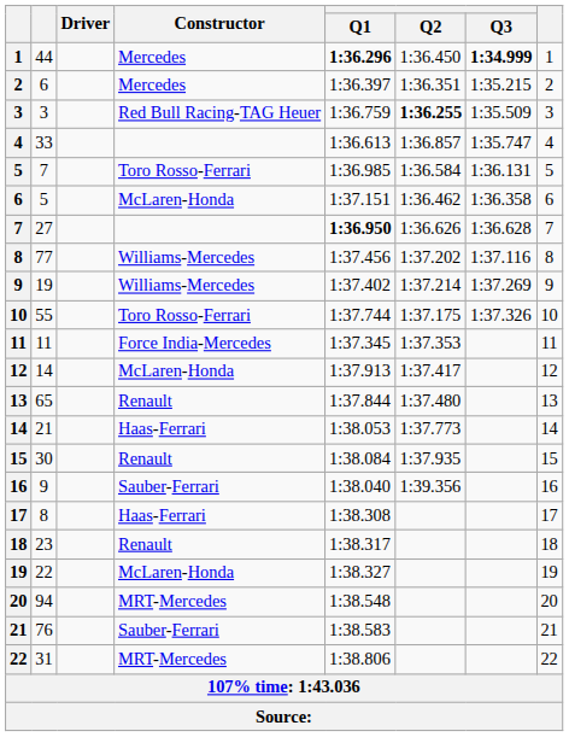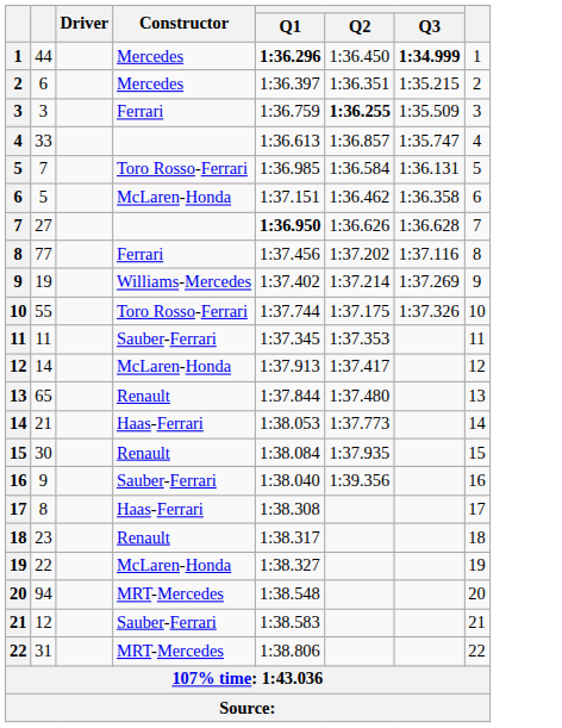 <table class="wikitable sortable" style="font-size: 85%;">
 <tr>
 <th rowspan="2"></th>
 <th rowspan="2"></th>
 <th rowspan="2">Driver</th>
 <th rowspan="2">Constructor</th>
 <th colspan="3"></th>
 <th rowspan="2"></th>
 </tr>
 <tr>
 <th>Q1</th>
 <th>Q2</th>
 <th>Q3</th>
 </tr>
 <tr>
 <th>1</th>
 <td align="center">44</td>
 <td></td>
 <td><a href='#'>Mercedes</a></td>
 <td><strong>1:36.296</strong></td>
 <td>1:36.450</td>
 <td><strong>1:34.999</strong></td>
 <td align="center">1</td>
 </tr>
 <tr>
 <th>2</th>
 <td align="center">6</td>
 <td></td>
 <td><a href='#'>Mercedes</a></td>
 <td>1:36.397</td>
 <td>1:36.351</td>
 <td>1:35.215</td>
 <td align="center">2</td>
 </tr>
 <tr>
 <th>3</th>
 <td align="center">3</td>
 <td></td>
-<td><a href='#'>Red Bull Racing</a>-<a href='#'>TAG Heuer</a></td>
+<td><a href='#'>Ferrari</a></td>
 <td>1:36.759</td>
 <td><strong>1:36.255</strong></td>
 <td>1:35.509</td>
 <td align="center">3</td>
 </tr>
 <tr>
 <th>4</th>
 <td align="center">33</td>
 <td></td>
 <td></td>
 <td>1:36.613</td>
 <td>1:36.857</td>
 <td>1:35.747</td>
 <td align="center">4</td>
 </tr>
 <tr>
 <th>5</th>
 <td align="center">7</td>
 <td></td>
 <td><a href='#'>Toro Rosso</a>-<a href='#'>Ferrari</a></td>
 <td>1:36.985</td>
 <td>1:36.584</td>
 <td>1:36.131</td>
 <td align="center">5</td>
 </tr>
 <tr>
 <th>6</th>
 <td align="center">5</td>
 <td></td>
 <td><a href='#'>McLaren</a>-<a href='#'>Honda</a></td>
 <td>1:37.151</td>
 <td>1:36.462</td>
 <td>1:36.358</td>
 <td align="center">6</td>
 </tr>
 <tr>
 <th>7</th>
 <td align="center">27</td>
 <td></td>
 <td></td>
 <td><strong>1:36.950</strong></td>
 <td>1:36.626</td>
 <td>1:36.628</td>
 <td align="center">7</td>
 </tr>
 <tr>
 <th>8</th>
 <td align="center">77</td>
 <td></td>
-<td><a href='#'>Williams</a>-<a href='#'>Mercedes</a></td>
+<td><a href='#'>Ferrari</a></td>
 <td>1:37.456</td>
 <td>1:37.202</td>
 <td>1:37.116</td>
 <td align="center">8</td>
 </tr>
 <tr>
 <th>9</th>
 <td align="center">19</td>
 <td></td>
 <td><a href='#'>Williams</a>-<a href='#'>Mercedes</a></td>
 <td>1:37.402</td>
 <td>1:37.214</td>
 <td>1:37.269</td>
 <td align="center">9</td>
 </tr>
 <tr>
 <th>10</th>
 <td align="center">55</td>
 <td></td>
 <td><a href='#'>Toro Rosso</a>-<a href='#'>Ferrari</a></td>
 <td>1:37.744</td>
 <td>1:37.175</td>
 <td>1:37.326</td>
 <td align="center">10</td>
 </tr>
 <tr>
 <th>11</th>
 <td align="center">11</td>
 <td></td>
-<td><a href='#'>Force India</a>-<a href='#'>Mercedes</a></td>
+<td><a href='#'>Sauber</a>-<a href='#'>Ferrari</a></td>
 <td>1:37.345</td>
 <td>1:37.353</td>
 <td></td>
 <td align="center">11</td>
 </tr>
 <tr>
 <th>12</th>
 <td align="center">14</td>
 <td></td>
 <td><a href='#'>McLaren</a>-<a href='#'>Honda</a></td>
 <td>1:37.913</td>
 <td>1:37.417</td>
 <td></td>
 <td align="center">12</td>
 </tr>
 <tr>
 <th>13</th>
 <td align="center">65</td>
 <td></td>
 <td><a href='#'>Renault</a></td>
 <td>1:37.844</td>
 <td>1:37.480</td>
 <td></td>
 <td align="center">13</td>
 </tr>
 <tr>
 <th>14</th>
 <td align="center">21</td>
 <td></td>
 <td><a href='#'>Haas</a>-<a href='#'>Ferrari</a></td>
 <td>1:38.053</td>
 <td>1:37.773</td>
 <td></td>
 <td align="center">14</td>
 </tr>
 <tr>
 <th>15</th>
 <td align="center">30</td>
 <td></td>
 <td><a href='#'>Renault</a></td>
 <td>1:38.084</td>
 <td>1:37.935</td>
 <td></td>
 <td align="center">15</td>
 </tr>
 <tr>
 <th>16</th>
 <td align="center">9</td>
 <td></td>
 <td><a href='#'>Sauber</a>-<a href='#'>Ferrari</a></td>
 <td>1:38.040</td>
 <td>1:39.356</td>
 <td></td>
 <td align="center">16</td>
 </tr>
 <tr>
 <th>17</th>
 <td align="center">8</td>
 <td></td>
 <td><a href='#'>Haas</a>-<a href='#'>Ferrari</a></td>
 <td>1:38.308</td>
 <td></td>
 <td></td>
 <td align="center">17</td>
 </tr>
 <tr>
 <th>18</th>
 <td align="center">23</td>
 <td></td>
 <td><a href='#'>Renault</a></td>
 <td>1:38.317</td>
 <td></td>
 <td></td>
 <td align="center">18</td>
 </tr>
 <tr>
 <th>19</th>
 <td align="center">22</td>
 <td></td>
 <td><a href='#'>McLaren</a>-<a href='#'>Honda</a></td>
 <td>1:38.327</td>
 <td></td>
 <td></td>
 <td align="center">19</td>
 </tr>
 <tr>
 <th>20</th>
 <td align="center">94</td>
 <td></td>
 <td><a href='#'>MRT</a>-<a href='#'>Mercedes</a></td>
 <td>1:38.548</td>
 <td></td>
 <td></td>
 <td align="center">20</td>
 </tr>
 <tr>
 <th>21</th>
-<td align="center">76</td>
+<td align="center">12</td>
 <td></td>
 <td><a href='#'>Sauber</a>-<a href='#'>Ferrari</a></td>
 <td>1:38.583</td>
 <td></td>
 <td></td>
 <td align="center">21</td>
 </tr>
 <tr>
 <th>22</th>
 <td align="center">31</td>
 <td></td>
 <td><a href='#'>MRT</a>-<a href='#'>Mercedes</a></td>
 <td>1:38.806</td>
 <td></td>
 <td></td>
 <td align="center">22</td>
 </tr>
 <tr>
 <th colspan="8"><a href='#'>107% time</a>: 1:43.036</th>
 </tr>
 <tr>
 <th colspan=8>Source:</th>
 </tr>
 </table>
